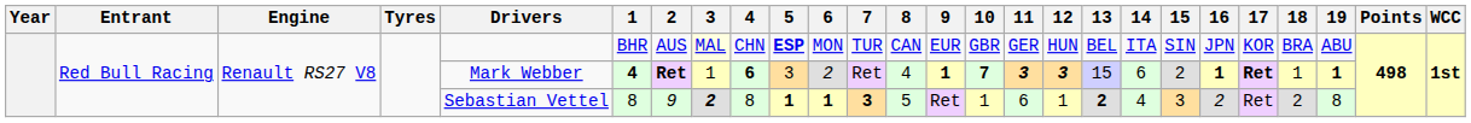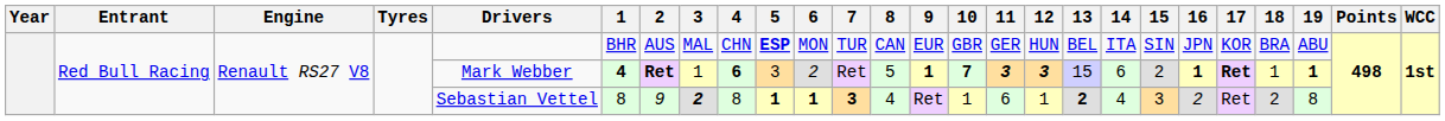 <table class="wikitable" style="text-align:center; font-size:95%">
 <tr>
 <th>Year</th>
 <th>Entrant</th>
 <th>Engine</th>
 <th>Tyres</th>
 <th>Drivers</th>
 <th>1</th>
 <th>2</th>
 <th>3</th>
 <th>4</th>
 <th>5</th>
 <th>6</th>
 <th>7</th>
 <th>8</th>
 <th>9</th>
 <th>10</th>
 <th>11</th>
 <th>12</th>
 <th>13</th>
 <th>14</th>
 <th>15</th>
 <th>16</th>
 <th>17</th>
 <th>18</th>
 <th>19</th>
 <th>Points</th>
 <th>WCC</th>
 </tr>
 <tr>
 <th rowspan=3></th>
 <td rowspan=3><a href='#'>Red Bull Racing</a></td>
 <td rowspan=3><a href='#'>Renault</a> <em>RS27</em> <a href='#'>V8</a></td>
 <td rowspan=3></td>
 <td></td>
 <td><a href='#'>BHR</a></td>
 <td><a href='#'>AUS</a></td>
-<td style="background: lightyellow;"><a href='#'>MAL</a></td>
+<td><a href='#'>MAL</a></td>
 <td><a href='#'>CHN</a></td>
 <td><strong><a href='#'>ESP</a></strong></td>
 <td><a href='#'>MON</a></td>
 <td><a href='#'>TUR</a></td>
 <td><a href='#'>CAN</a></td>
 <td><a href='#'>EUR</a></td>
 <td><a href='#'>GBR</a></td>
 <td><a href='#'>GER</a></td>
 <td><a href='#'>HUN</a></td>
 <td><a href='#'>BEL</a></td>
 <td><a href='#'>ITA</a></td>
 <td><a href='#'>SIN</a></td>
 <td><a href='#'>JPN</a></td>
 <td><a href='#'>KOR</a></td>
 <td><a href='#'>BRA</a></td>
 <td><a href='#'>ABU</a></td>
 <td rowspan=3 style="background:#ffffbf;"><strong>498</strong></td>
 <td rowspan=3 style="background:#ffffbf;"><strong>1st</strong></td>
 </tr>
 <tr>
 <td> <a href='#'>Mark Webber</a></td>
 <td style="background:#dfffdf;"><strong>4</strong></td>
 <td style="background:#efcfff;"><strong>Ret</strong></td>
 <td style="background:#ffffbf;">1</td>
 <td style="background:#dfffdf;"><strong>6</strong></td>
 <td style="background:#ffdf9f;">3</td>
 <td style="background:#dfdfdf;"><em>2</em></td>
 <td style="background:#efcfff;">Ret</td>
-<td style="background:#dfffdf;">4</td>
+<td style="background:#dfffdf;">5</td>
 <td style="background:#ffffbf;"><strong>1</strong></td>
 <td style="background:#dfffdf;"><strong>7</strong></td>
 <td style="background:#ffdf9f;"><strong><em>3</em></strong></td>
 <td style="background:#ffdf9f;"><strong><em>3</em></strong></td>
 <td style="background:#cfcfff;">15</td>
 <td style="background:#dfffdf;">6</td>
 <td style="background:#dfdfdf;">2</td>
 <td style="background:#ffffbf;"><strong>1</strong></td>
 <td style="background:#efcfff;"><strong>Ret</strong></td>
 <td style="background:#ffffbf;">1</td>
 <td style="background:#ffffbf;"><strong>1</strong></td>
 </tr>
 <tr>
 <td> <a href='#'>Sebastian Vettel</a></td>
 <td style="background:#dfffdf;">8</td>
 <td style="background:#dfffdf;"><em>9</em></td>
 <td style="background:#dfdfdf;"><strong><em>2</em></strong></td>
 <td style="background:#dfffdf;">8</td>
 <td style="background:#ffffbf;"><strong>1</strong></td>
 <td style="background:#ffffbf;"><strong>1</strong></td>
 <td style="background:#ffdf9f;"><strong>3</strong></td>
-<td style="background:#dfffdf;">5</td>
+<td style="background:#dfffdf;">4</td>
 <td style="background:#efcfff;">Ret</td>
 <td style="background:#ffffbf;">1</td>
 <td style="background:#dfffdf;">6</td>
 <td style="background:#ffffbf;">1</td>
 <td style="background:#dfdfdf;"><strong>2</strong></td>
 <td style="background:#dfffdf;">4</td>
 <td style="background:#ffdf9f;">3</td>
 <td style="background:#dfdfdf;"><em>2</em></td>
 <td style="background:#efcfff;">Ret</td>
 <td style="background:#dfdfdf;">2</td>
 <td style="background:#dfffdf;">8</td>
 </tr>
 </table>
